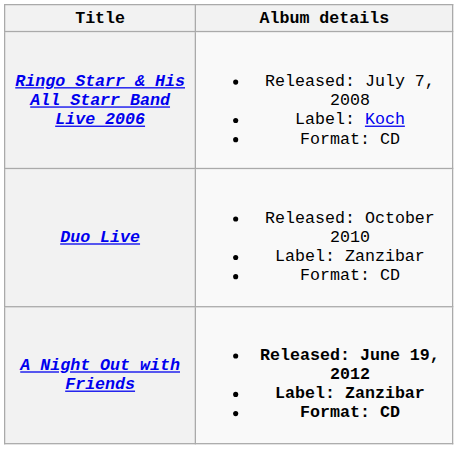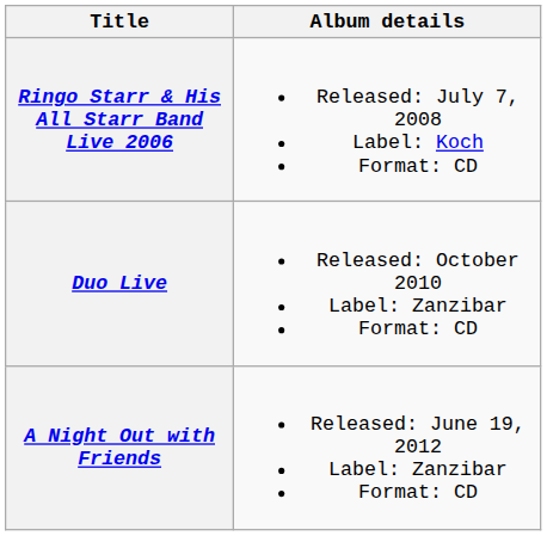 <table class="wikitable plainrowheaders" style="text-align:center;" border="1">
 <tr>
 <th scope="col" style="width:11em;">Title</th>
 <th scope="col" style="width:15em;">Album details</th>
 </tr>
 <tr>
 <th scope="row"><em><a href='#'>Ringo Starr & His All Starr Band Live 2006</a></em></th>
 <td><br><ul><li>Released: July 7, 2008</li><li>Label: <a href='#'>Koch</a></li><li>Format: CD</li></ul></td>
 </tr>
 <tr>
 <th scope="row"><em><a href='#'>Duo Live</a></em></th>
 <td><br><ul><li>Released: October 2010</li><li>Label: Zanzibar</li><li>Format: CD</li></ul></td>
 </tr>
 <tr>
 <th scope="row"><em><a href='#'>A Night Out with Friends</a></em></th>
-<td><strong><br><ul><li>Released: June 19, 2012</li><li>Label: Zanzibar</li><li>Format: CD</li></ul></strong></td>
+<td><br><ul><li>Released: June 19, 2012</li><li>Label: Zanzibar</li><li>Format: CD</li></ul></td>
 </tr>
 </table>
